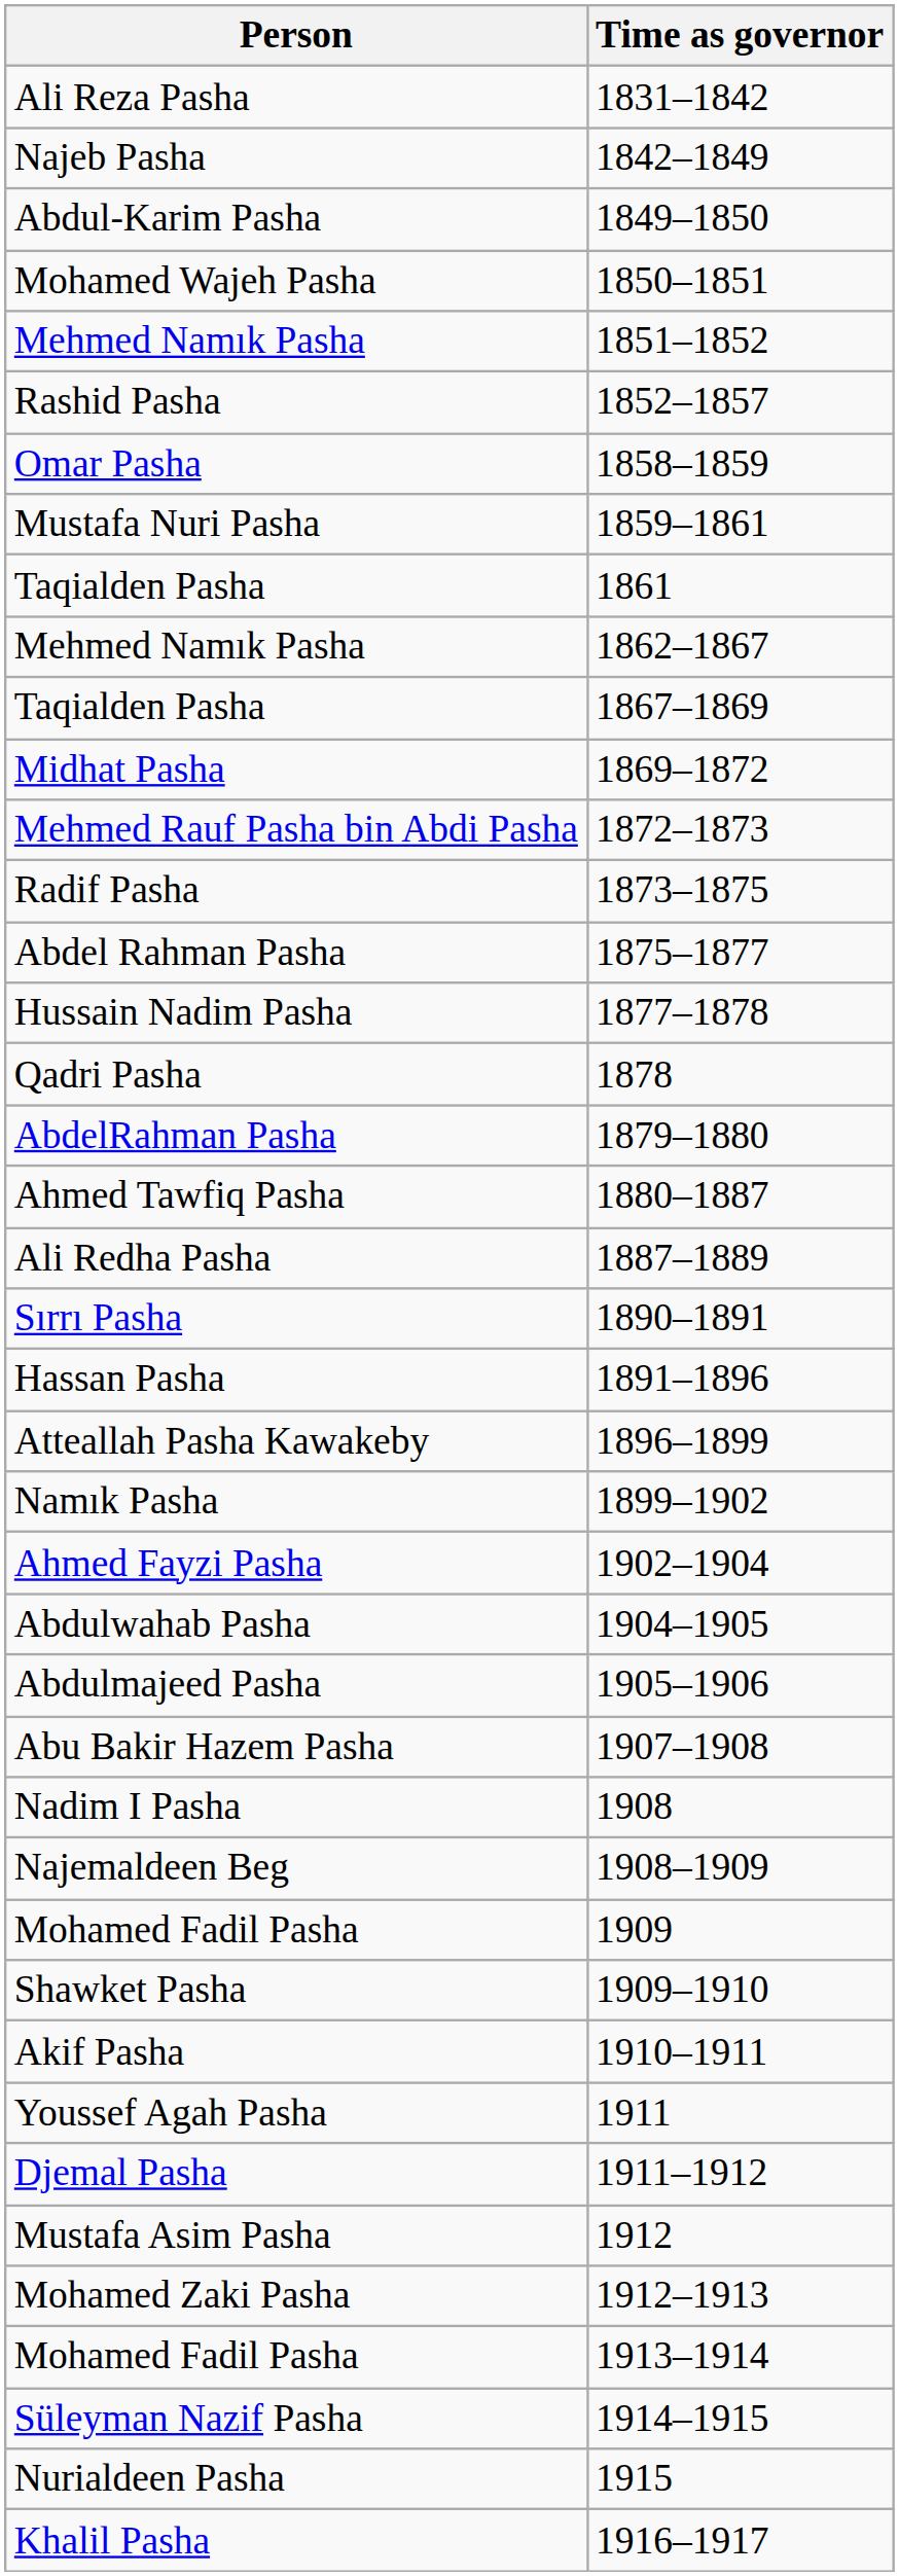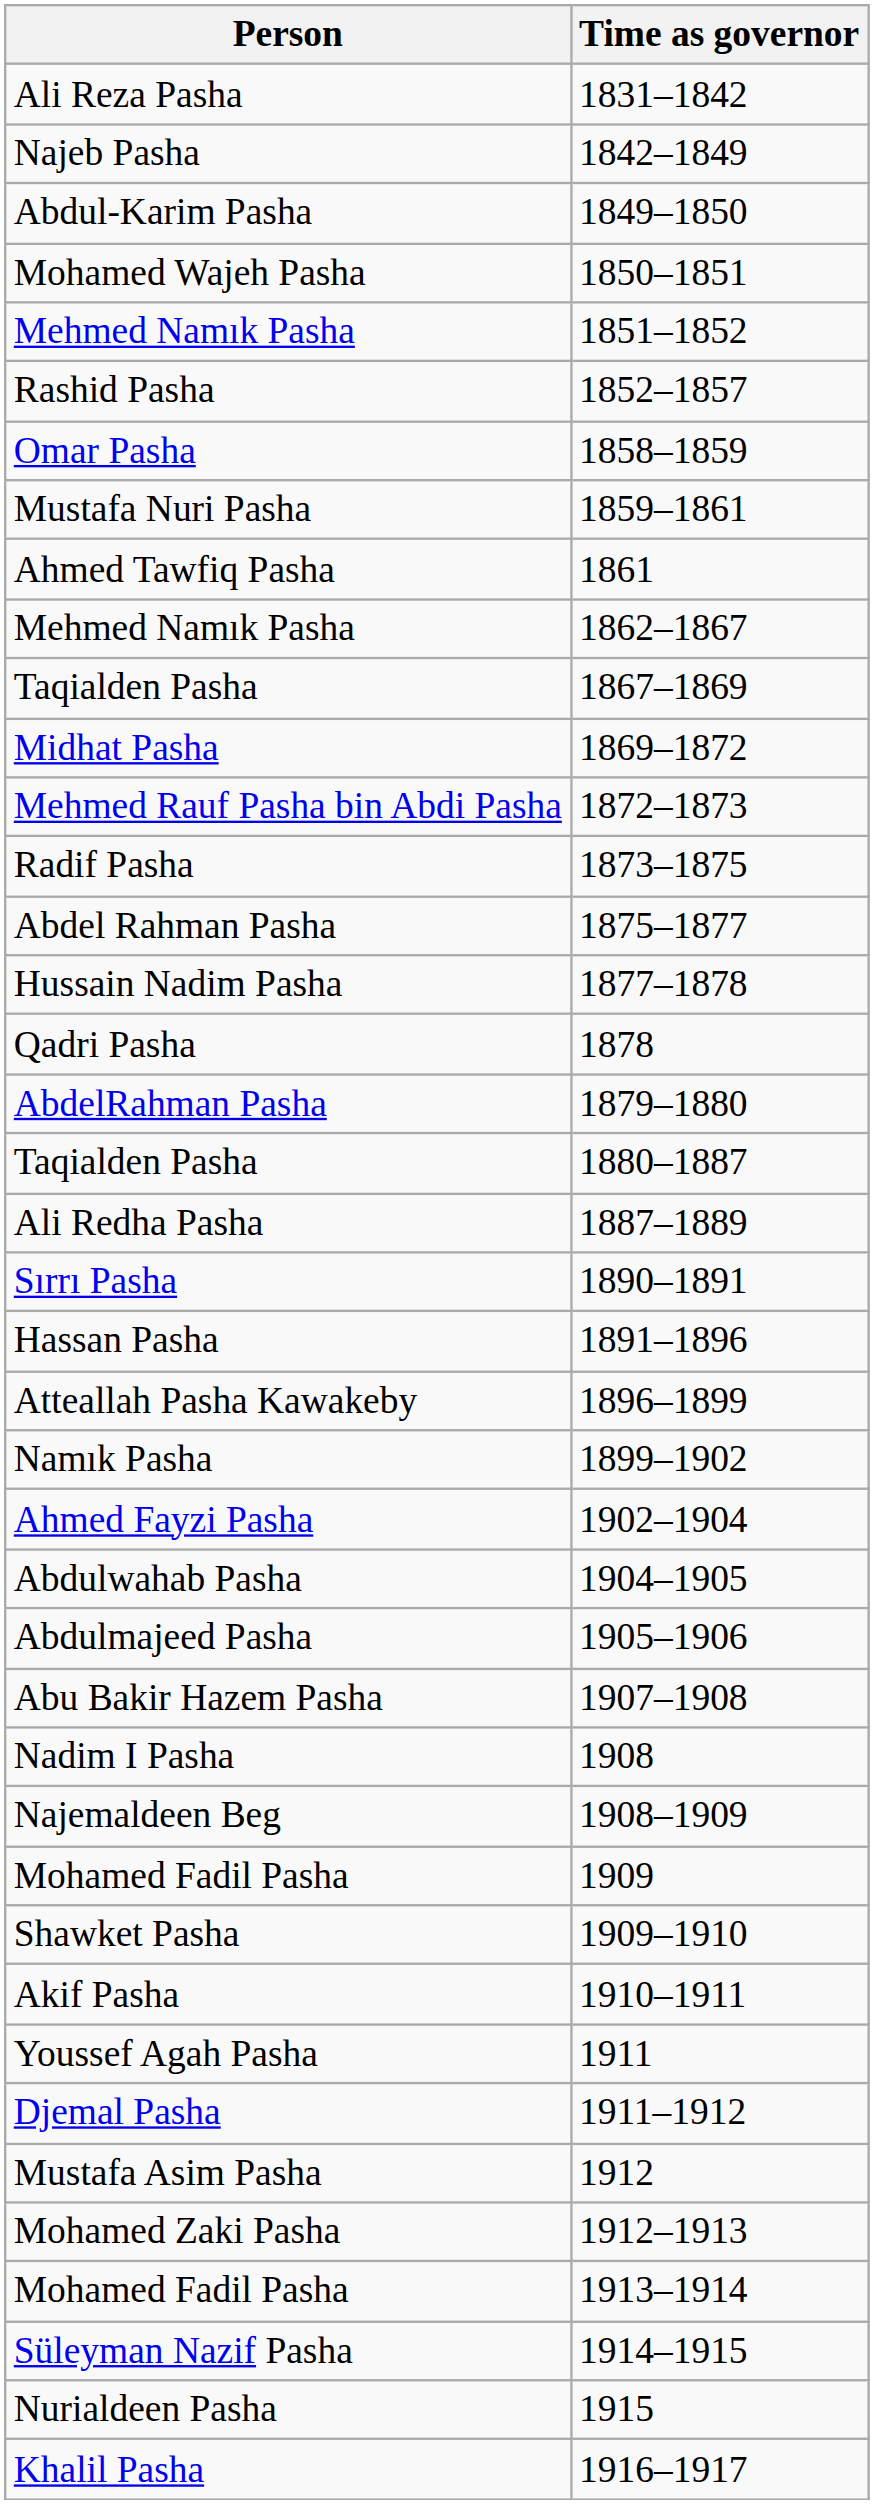 <table class="wikitable">
 <tr>
 <th>Person</th>
 <th>Time as governor</th>
 </tr>
 <tr>
 <td>Ali Reza Pasha</td>
 <td>1831–1842</td>
 </tr>
 <tr>
 <td>Najeb Pasha</td>
 <td>1842–1849</td>
 </tr>
 <tr>
 <td>Abdul-Karim Pasha</td>
 <td>1849–1850</td>
 </tr>
 <tr>
 <td>Mohamed Wajeh Pasha</td>
 <td>1850–1851</td>
 </tr>
 <tr>
 <td><a href='#'>Mehmed Namık Pasha</a></td>
 <td>1851–1852</td>
 </tr>
 <tr>
 <td>Rashid Pasha</td>
 <td>1852–1857</td>
 </tr>
 <tr>
 <td><a href='#'>Omar Pasha</a></td>
 <td>1858–1859</td>
 </tr>
 <tr>
 <td>Mustafa Nuri Pasha</td>
 <td>1859–1861</td>
 </tr>
 <tr>
-<td>Taqialden Pasha</td>
+<td>Ahmed Tawfiq Pasha</td>
 <td>1861</td>
 </tr>
 <tr>
 <td>Mehmed Namık Pasha</td>
 <td>1862–1867</td>
 </tr>
 <tr>
 <td>Taqialden Pasha</td>
 <td>1867–1869</td>
 </tr>
 <tr>
 <td><a href='#'>Midhat Pasha</a></td>
 <td>1869–1872</td>
 </tr>
 <tr>
 <td><a href='#'>Mehmed Rauf Pasha bin Abdi Pasha</a></td>
 <td>1872–1873</td>
 </tr>
 <tr>
 <td>Radif Pasha</td>
 <td>1873–1875</td>
 </tr>
 <tr>
 <td>Abdel Rahman Pasha</td>
 <td>1875–1877</td>
 </tr>
 <tr>
 <td>Hussain Nadim Pasha</td>
 <td>1877–1878</td>
 </tr>
 <tr>
 <td>Qadri Pasha</td>
 <td>1878</td>
 </tr>
 <tr>
 <td><a href='#'>AbdelRahman Pasha</a></td>
 <td>1879–1880</td>
 </tr>
 <tr>
-<td>Ahmed Tawfiq Pasha</td>
+<td>Taqialden Pasha</td>
 <td>1880–1887</td>
 </tr>
 <tr>
 <td>Ali Redha Pasha</td>
 <td>1887–1889</td>
 </tr>
 <tr>
 <td><a href='#'>Sırrı Pasha</a></td>
 <td>1890–1891</td>
 </tr>
 <tr>
 <td>Hassan Pasha</td>
 <td>1891–1896</td>
 </tr>
 <tr>
 <td>Atteallah Pasha Kawakeby</td>
 <td>1896–1899</td>
 </tr>
 <tr>
 <td>Namık Pasha</td>
 <td>1899–1902</td>
 </tr>
 <tr>
 <td><a href='#'>Ahmed Fayzi Pasha</a></td>
 <td>1902–1904</td>
 </tr>
 <tr>
 <td>Abdulwahab Pasha</td>
 <td>1904–1905</td>
 </tr>
 <tr>
 <td>Abdulmajeed Pasha</td>
 <td>1905–1906</td>
 </tr>
 <tr>
 <td>Abu Bakir Hazem Pasha</td>
 <td>1907–1908</td>
 </tr>
 <tr>
 <td>Nadim I Pasha</td>
 <td>1908</td>
 </tr>
 <tr>
 <td>Najemaldeen Beg</td>
 <td>1908–1909</td>
 </tr>
 <tr>
 <td>Mohamed Fadil Pasha</td>
 <td>1909</td>
 </tr>
 <tr>
 <td>Shawket Pasha</td>
 <td>1909–1910</td>
 </tr>
 <tr>
 <td>Akif Pasha</td>
 <td>1910–1911</td>
 </tr>
 <tr>
 <td>Youssef Agah Pasha</td>
 <td>1911</td>
 </tr>
 <tr>
 <td><a href='#'>Djemal Pasha</a></td>
 <td>1911–1912</td>
 </tr>
 <tr>
 <td>Mustafa Asim Pasha</td>
 <td>1912</td>
 </tr>
 <tr>
 <td>Mohamed Zaki Pasha</td>
 <td>1912–1913</td>
 </tr>
 <tr>
 <td>Mohamed Fadil Pasha</td>
 <td>1913–1914</td>
 </tr>
 <tr>
 <td><a href='#'>Süleyman Nazif</a> Pasha</td>
 <td>1914–1915</td>
 </tr>
 <tr>
 <td>Nurialdeen Pasha</td>
 <td>1915</td>
 </tr>
 <tr>
 <td><a href='#'>Khalil Pasha</a></td>
 <td>1916–1917</td>
 </tr>
 </table>
